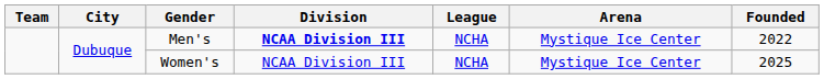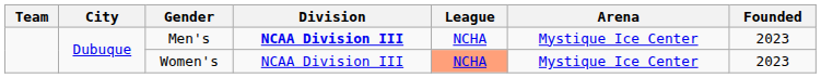 <table class="wikitable sortable" width="60%">
 <tr>
 <th>Team</th>
 <th>City</th>
 <th>Gender</th>
 <th>Division</th>
 <th>League</th>
 <th>Arena</th>
 <th>Founded</th>
 </tr>
 <tr align=center>
 <td rowspan=2;><strong><a href='#'></a></strong></td>
 <td rowspan=2><a href='#'>Dubuque</a></td>
 <td>Men's</td>
 <td><strong><a href='#'>NCAA Division III</a></strong></td>
 <td><a href='#'>NCHA</a></td>
 <td><a href='#'>Mystique Ice Center</a></td>
-<td>2022</td>
+<td>2023</td>
 </tr>
 <tr align=center>
 <td>Women's</td>
 <td><a href='#'>NCAA Division III</a></td>
-<td><a href='#'>NCHA</a></td>
+<td style="background: lightsalmon;"><a href='#'>NCHA</a></td>
 <td><a href='#'>Mystique Ice Center</a></td>
-<td>2025</td>
+<td>2023</td>
 </tr>
 </table>
